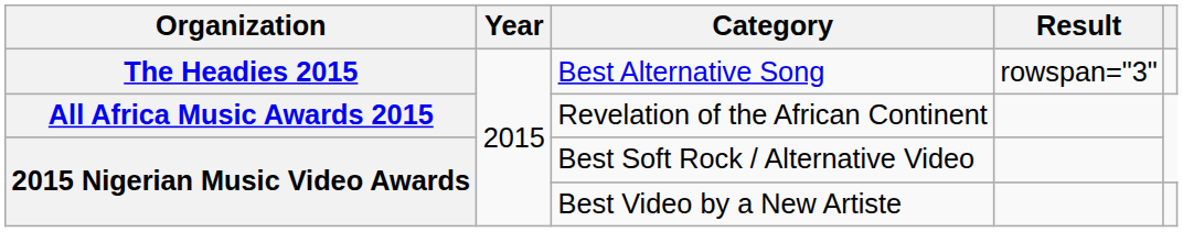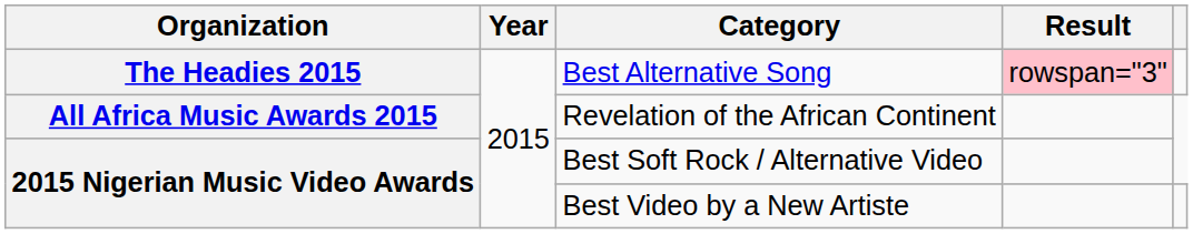 <table class="wikitable sortable plainrowheaders" style="border:none; margin:0;">
 <tr>
 <th scope="col">Organization</th>
 <th scope="col">Year</th>
 <th scope="col">Category</th>
 <th scope="col">Result</th>
 <th class="unsortable" scope="col"></th>
 </tr>
 <tr>
 <th scope="row"><a href='#'>The Headies 2015</a></th>
 <td rowspan="4">2015</td>
 <td><a href='#'>Best Alternative Song</a></td>
-<td>rowspan="3" </td>
+<td style="background: pink;">rowspan="3" </td>
 <td></td>
 </tr>
 <tr>
 <th scope="row"><a href='#'>All Africa Music Awards 2015</a></th>
 <td>Revelation of the African Continent</td>
 <td></td>
 </tr>
 <tr>
 <th scope="row" rowspan="2">2015 Nigerian Music Video Awards</th>
 <td>Best Soft Rock / Alternative Video</td>
 <td></td>
 </tr>
 <tr>
 <td>Best Video by a New Artiste</td>
 <td></td>
 <td></td>
 </tr>
 <tr>
 </tr>
 </table>
